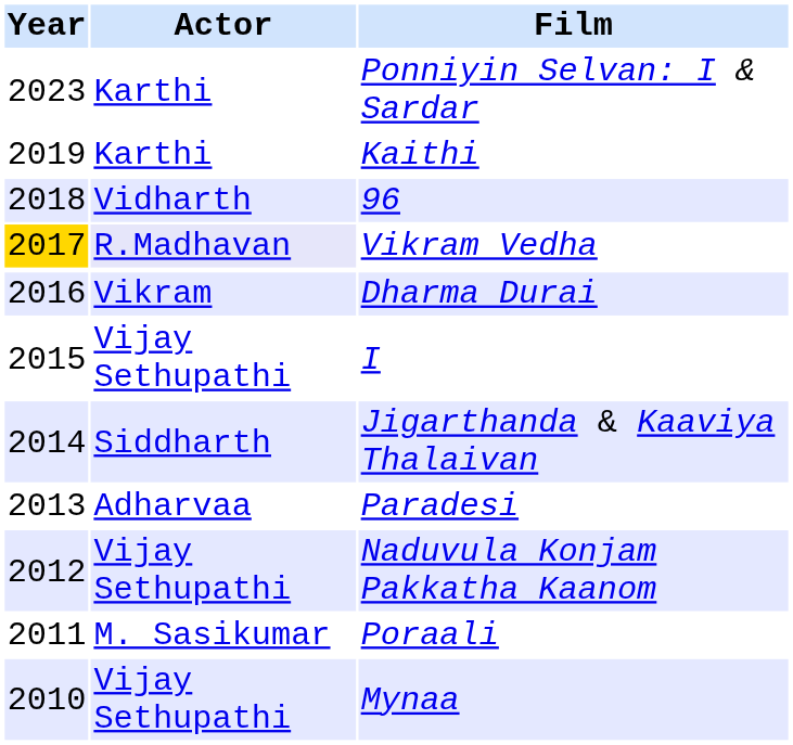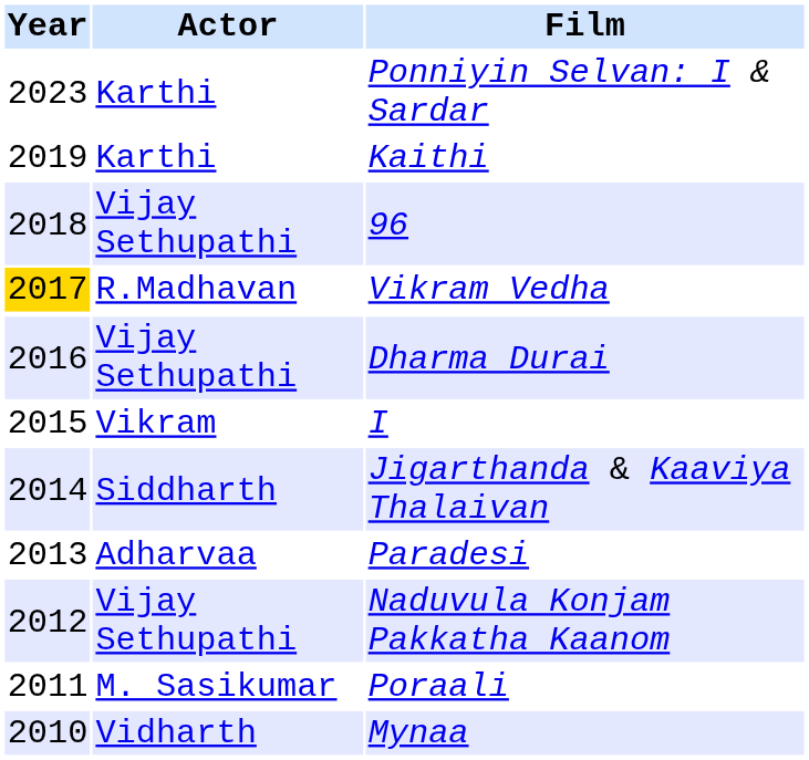 <table cellspacing="1" cellpadding="1" border="0" width="50%">
 <tr bgcolor="#d1e4fd">
 <th>Year</th>
 <th>Actor</th>
 <th>Film</th>
 </tr>
 <tr>
 <td>2023</td>
 <td><a href='#'>Karthi</a></td>
 <td><em><a href='#'>Ponniyin Selvan: I</a> & <a href='#'>Sardar</a></em></td>
 </tr>
 <tr>
 <td>2019</td>
 <td><a href='#'>Karthi</a></td>
 <td><em><a href='#'>Kaithi</a></em></td>
 </tr>
 <tr bgcolor="#e4e8ff">
 <td>2018</td>
-<td><a href='#'>Vidharth</a></td>
+<td><a href='#'>Vijay Sethupathi</a></td>
 <td><em><a href='#'>96</a></em></td>
 </tr>
 <tr>
 <td style="background: gold;">2017</td>
-<td style="background: lavender;"><a href='#'>R.Madhavan</a></td>
+<td><a href='#'>R.Madhavan</a></td>
 <td><em><a href='#'>Vikram Vedha</a></em></td>
 </tr>
 <tr>
 </tr>
 <tr bgcolor="#e4e8ff">
 <td>2016</td>
-<td><a href='#'>Vikram</a></td>
+<td><a href='#'>Vijay Sethupathi</a></td>
 <td><em><a href='#'>Dharma Durai</a></em></td>
 </tr>
 <tr>
 <td>2015</td>
-<td><a href='#'>Vijay Sethupathi</a></td>
+<td><a href='#'>Vikram</a></td>
 <td><em><a href='#'>I</a></em></td>
 </tr>
 <tr bgcolor="#e4e8ff">
 <td>2014</td>
 <td><a href='#'>Siddharth</a></td>
 <td><em><a href='#'>Jigarthanda</a></em> & <em><a href='#'>Kaaviya Thalaivan</a></em></td>
 </tr>
 <tr>
 <td>2013</td>
 <td><a href='#'>Adharvaa</a></td>
 <td><em><a href='#'>Paradesi</a></em></td>
 </tr>
 <tr bgcolor="#e4e8ff">
 <td>2012</td>
 <td><a href='#'>Vijay Sethupathi</a></td>
 <td><em><a href='#'>Naduvula Konjam Pakkatha Kaanom</a></em></td>
 </tr>
 <tr>
 <td>2011</td>
 <td><a href='#'>M. Sasikumar</a></td>
 <td><em><a href='#'>Poraali</a></em></td>
 </tr>
 <tr bgcolor="#e4e8ff">
 <td>2010</td>
-<td><a href='#'>Vijay Sethupathi</a></td>
+<td><a href='#'>Vidharth</a></td>
 <td><em><a href='#'>Mynaa</a></em></td>
 </tr>
 </table>
